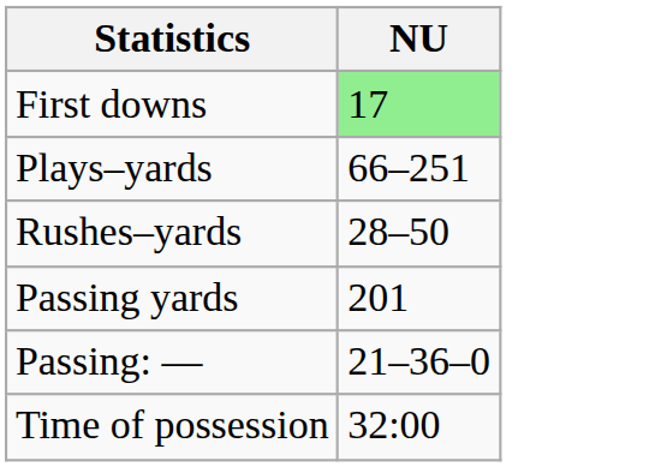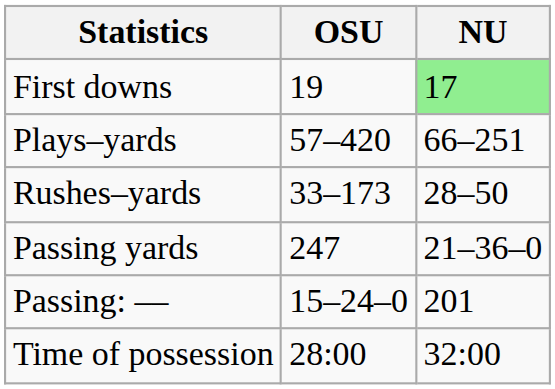 <table class="wikitable" style="float:left">
 <tr>
 <th>Statistics</th>
+<th>OSU</th>
 <th>NU</th>
 </tr>
 <tr>
 <td>First downs</td>
+<td>19</td>
 <td style="background: lightgreen;">17</td>
 </tr>
 <tr>
 <td>Plays–yards</td>
+<td>57–420</td>
 <td>66–251</td>
 </tr>
 <tr>
 <td>Rushes–yards</td>
+<td>33–173</td>
 <td>28–50</td>
 </tr>
 <tr>
 <td>Passing yards</td>
+<td>247</td>
+<td>21–36–0</td>
+</tr>
+<tr>
+<td>Passing: ––</td>
+<td>15–24–0</td>
 <td>201</td>
 </tr>
 <tr>
-<td>Passing: ––</td>
-<td>21–36–0</td>
-</tr>
-<tr>
 <td>Time of possession</td>
+<td>28:00</td>
 <td>32:00</td>
 </tr>
 </table>
